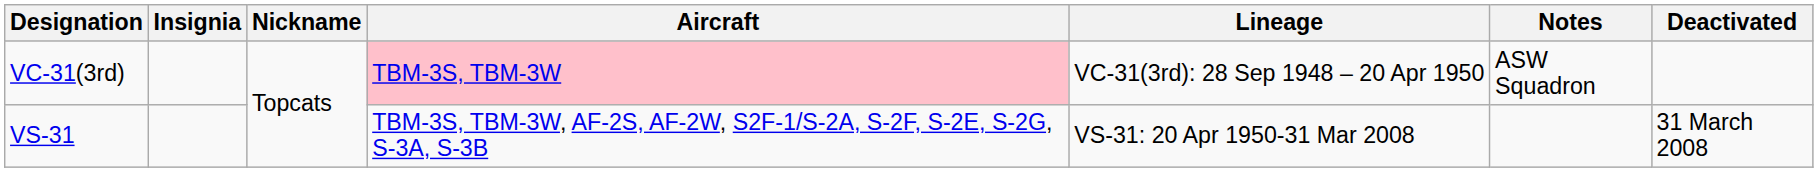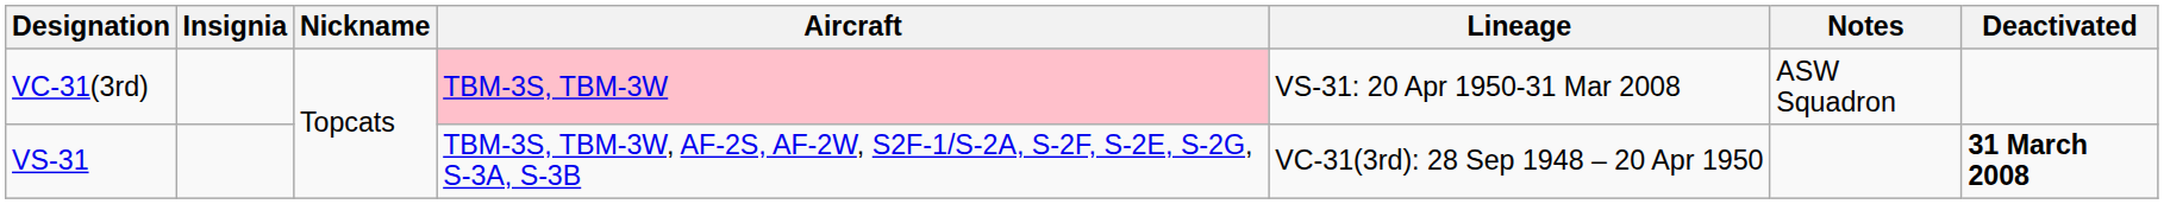 <table class="wikitable">
 <tr>
 <th>Designation</th>
 <th>Insignia</th>
 <th>Nickname</th>
 <th>Aircraft</th>
 <th>Lineage</th>
 <th>Notes</th>
 <th>Deactivated</th>
 </tr>
 <tr>
 <td><a href='#'>VC-31</a>(3rd)</td>
 <td></td>
 <td Rowspan="2">Topcats</td>
 <td style="background: pink;"><a href='#'>TBM-3S, TBM-3W</a></td>
-<td style="white-space: nowrap;">VC-31(3rd): 28 Sep 1948 – 20 Apr 1950</td>
+<td>VS-31: 20 Apr 1950-31 Mar 2008</td>
 <td>ASW Squadron</td>
 </tr>
 <tr>
 <td><a href='#'>VS-31</a></td>
 <td></td>
 <td><a href='#'>TBM-3S, TBM-3W</a>, <a href='#'>AF-2S, AF-2W</a>, <a href='#'>S2F-1/S-2A, S-2F, S-2E, S-2G</a>, <a href='#'>S-3A, S-3B</a></td>
-<td>VS-31: 20 Apr 1950-31 Mar 2008</td>
+<td style="white-space: nowrap;">VC-31(3rd): 28 Sep 1948 – 20 Apr 1950</td>
 <td></td>
-<td>31 March 2008</td>
+<td><strong>31 March 2008</strong></td>
 </tr>
 </table>
